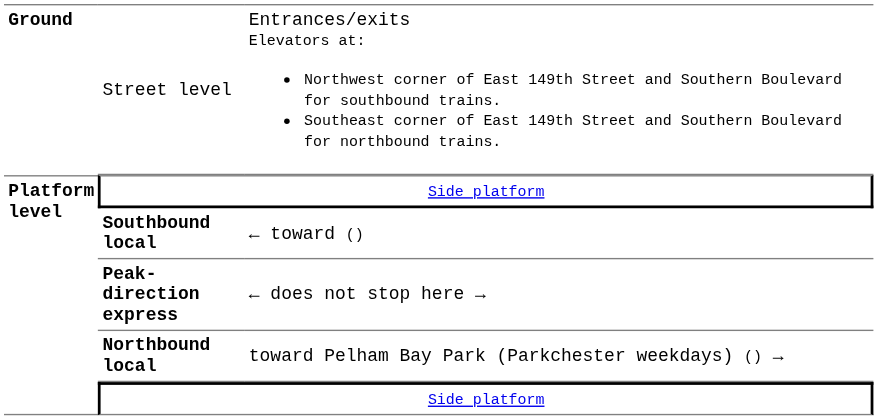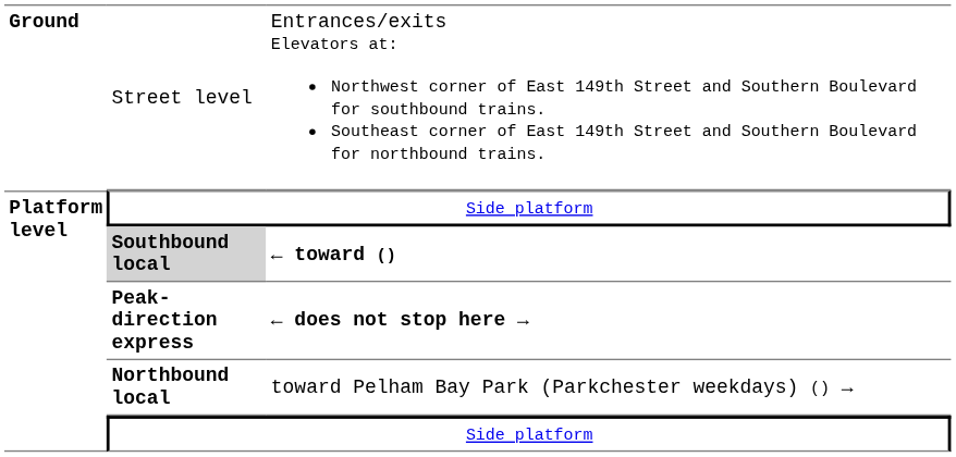 <table border=0 cellspacing=0 cellpadding=3>
 <tr>
 <td style="border-top:solid 1px gray;vertical-align:top;" width=50><strong>Ground</strong></td>
 <td style="border-top:solid 1px gray;border-bottom:solid 1px gray;" width=100>Street level</td>
 <td style="border-top:solid 1px gray;border-bottom:solid 1px gray;" width=450>Entrances/exits<br> <small>Elevators at:</small><br><ul><li><small>Northwest corner of East 149th Street and Southern Boulevard for southbound trains.</small></li><li><small>Southeast corner of East 149th Street and Southern Boulevard for northbound trains.</small></li></ul></td>
 </tr>
 <tr>
 <td style="border-top:solid 1px gray;border-bottom:solid 1px gray;" rowspan=5 valign="top"><strong>Platform level</strong></td>
 <td style="border-top:solid 1px gray;border-right:solid 2px black;border-left:solid 2px black;border-bottom:solid 2px black;text-align:center;" colspan="2"><small><a href='#'>Side platform</a> </small></td>
 </tr>
 <tr>
-<td style="border-bottom:solid 1px gray;"><span><strong>Southbound local</strong></span></td>
-<td style="border-bottom:solid 1px gray;">←  toward  <small>()</small></td>
+<td style="background: lightgrey; border-bottom:solid 1px gray;"><span><strong>Southbound local</strong></span></td>
+<td style="border-bottom:solid 1px gray;"><strong>←  toward  <small>()</small></strong></td>
 </tr>
 <tr>
 <td style="border-bottom:solid 1px gray;"><span><strong>Peak-direction express</strong></span></td>
-<td style="border-bottom:solid 1px gray;">←  does not stop here →</td>
+<td style="border-bottom:solid 1px gray;"><strong>←  does not stop here →</strong></td>
 </tr>
 <tr>
 <td style="border-bottom:solid 1px gray;"><span><strong>Northbound local</strong></span></td>
 <td style="border-bottom:solid 1px gray;">  toward Pelham Bay Park (Parkchester weekdays) <small>()</small> →</td>
 </tr>
 <tr>
 <td style="border-top:solid 2px black;border-right:solid 2px black;border-left:solid 2px black;border-bottom:solid 1px gray;text-align:center;" colspan="2"><small><a href='#'>Side platform</a> </small></td>
 </tr>
 </table>
